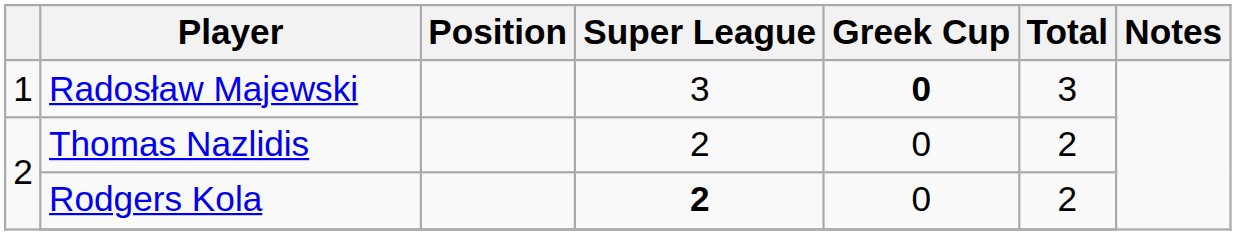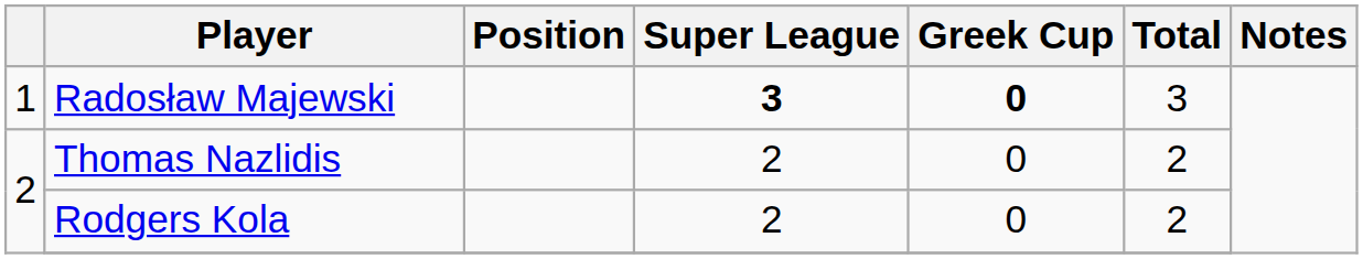 <table class="wikitable">
 <tr>
 <th></th>
 <th style="width:165px;">Player</th>
 <th>Position</th>
 <th>Super League</th>
 <th>Greek Cup</th>
 <th>Total</th>
 <th>Notes</th>
 </tr>
 <tr>
 <td rowspan="1">1</td>
 <td> <a href='#'>Radosław Majewski</a></td>
 <td align=center></td>
-<td align=center>3</td>
+<td align=center><strong>3</strong></td>
 <td align=center><strong>0</strong></td>
 <td align=center>3</td>
 </tr>
 <tr>
 <td rowspan="3">2</td>
 <td> <a href='#'>Thomas Nazlidis</a></td>
 <td align=center></td>
 <td align=center>2</td>
 <td align=center>0</td>
 <td align=center>2</td>
 </tr>
 <tr>
 <td> <a href='#'>Rodgers Kola</a></td>
 <td align=center></td>
-<td align=center><strong>2</strong></td>
+<td align=center>2</td>
 <td align=center>0</td>
 <td align=center>2</td>
 </tr>
 <tr>
 </tr>
 </table>
